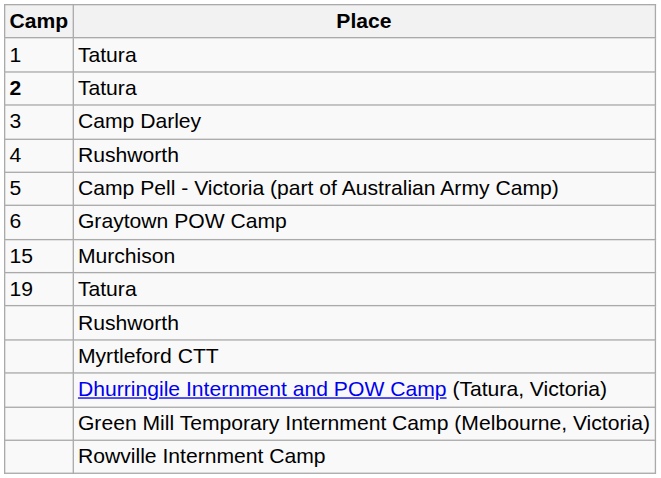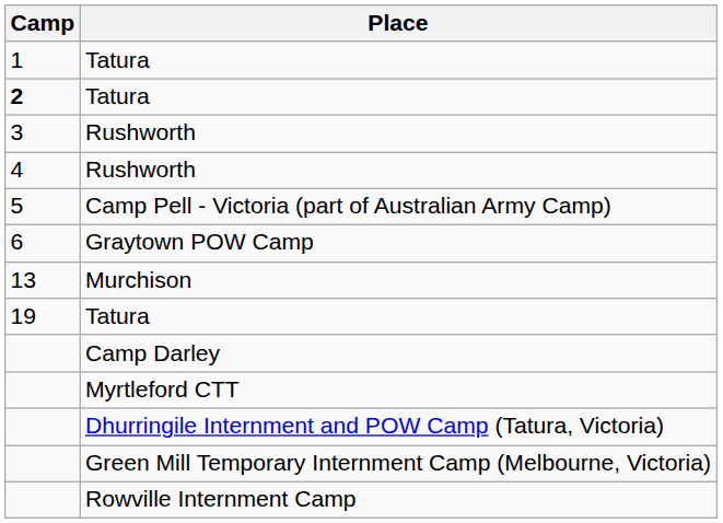 <table class="wikitable">
 <tr>
 <th>Camp</th>
 <th>Place</th>
 </tr>
 <tr>
 <td>1</td>
 <td>Tatura</td>
 </tr>
 <tr>
 <td><strong>2</strong></td>
 <td>Tatura</td>
 </tr>
 <tr>
 <td>3</td>
-<td>Camp Darley</td>
+<td>Rushworth</td>
 </tr>
 <tr>
 <td>4</td>
 <td>Rushworth</td>
 </tr>
 <tr>
 <td>5</td>
 <td>Camp Pell - Victoria (part of Australian Army Camp)</td>
 </tr>
 <tr d4>
 <td>6</td>
 <td>Graytown POW Camp</td>
 </tr>
 <tr>
-<td>15</td>
+<td>13</td>
 <td>Murchison</td>
 </tr>
 <tr>
 <td>19</td>
 <td>Tatura</td>
 </tr>
 <tr>
 <td></td>
-<td>Rushworth</td>
+<td>Camp Darley</td>
 </tr>
 <tr>
 <td></td>
 <td>Myrtleford CTT</td>
 </tr>
 <tr>
 <td></td>
 <td><a href='#'>Dhurringile Internment and POW Camp</a> (Tatura, Victoria)</td>
 </tr>
 <tr>
 <td></td>
 <td>Green Mill Temporary Internment Camp  (Melbourne, Victoria)</td>
 </tr>
 <tr>
 <td></td>
 <td>Rowville Internment Camp</td>
 </tr>
 </table>
